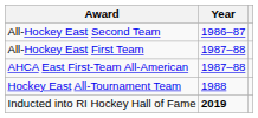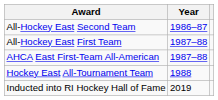 <table class="wikitable">
 <tr>
 <th>Award</th>
 <th>Year</th>
 <th></th>
 </tr>
 <tr>
 <td>All-<a href='#'>Hockey East</a> <a href='#'>Second Team</a></td>
 <td><a href='#'>1986–87</a></td>
 <td></td>
 </tr>
 <tr>
 <td>All-<a href='#'>Hockey East</a> <a href='#'>First Team</a></td>
 <td><a href='#'>1987–88</a></td>
 <td></td>
 </tr>
 <tr>
 <td><a href='#'>AHCA</a> <a href='#'>East First-Team All-American</a></td>
 <td><a href='#'>1987–88</a></td>
 <td></td>
 </tr>
 <tr>
 <td><a href='#'>Hockey East</a> <a href='#'>All-Tournament Team</a></td>
 <td><a href='#'>1988</a></td>
 <td></td>
 </tr>
 <tr>
 <td>Inducted into RI Hockey Hall of Fame</td>
-<td><strong>2019</strong></td>
+<td>2019</td>
 </tr>
 </table>
